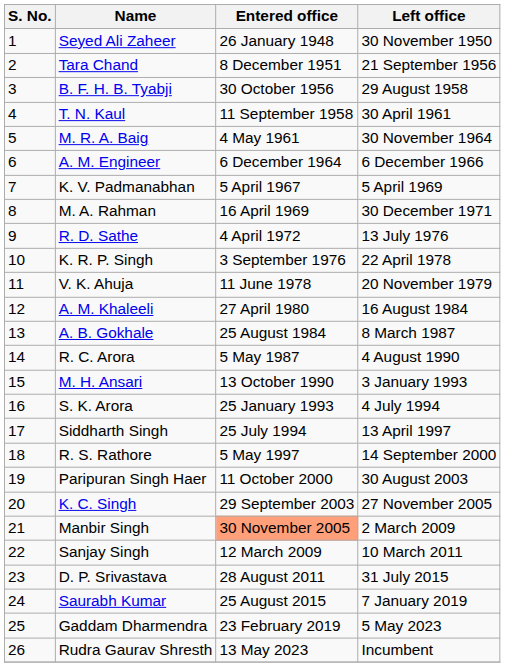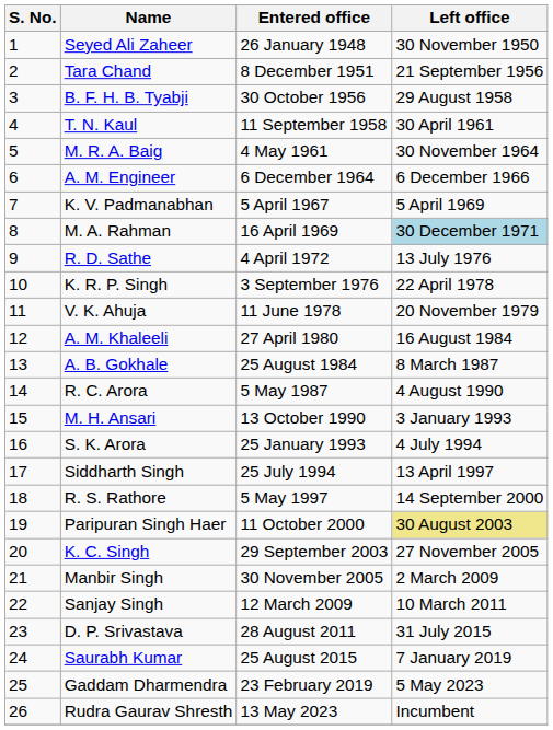 <table class="wikitable">
 <tr>
 <th>S. No.</th>
 <th>Name</th>
 <th>Entered office</th>
 <th>Left office</th>
 </tr>
 <tr>
 <td>1</td>
 <td><a href='#'>Seyed Ali Zaheer</a></td>
 <td>26 January 1948</td>
 <td>30 November 1950</td>
 </tr>
 <tr>
 <td>2</td>
 <td><a href='#'>Tara Chand</a></td>
 <td>8 December 1951</td>
 <td>21 September 1956</td>
 </tr>
 <tr>
 <td>3</td>
 <td><a href='#'>B. F. H. B. Tyabji</a></td>
 <td>30 October 1956</td>
 <td>29 August 1958</td>
 </tr>
 <tr>
 <td>4</td>
 <td><a href='#'>T. N. Kaul</a></td>
 <td>11 September 1958</td>
 <td>30 April 1961</td>
 </tr>
 <tr>
 <td>5</td>
 <td><a href='#'>M. R. A. Baig</a></td>
 <td>4 May 1961</td>
 <td>30 November 1964</td>
 </tr>
 <tr>
 <td>6</td>
 <td><a href='#'>A. M. Engineer</a></td>
 <td>6 December 1964</td>
 <td>6 December 1966</td>
 </tr>
 <tr>
 <td>7</td>
 <td>K. V. Padmanabhan</td>
 <td>5 April 1967</td>
 <td>5 April 1969</td>
 </tr>
 <tr>
 <td>8</td>
 <td>M. A. Rahman</td>
 <td>16 April 1969</td>
-<td>30 December 1971</td>
+<td style="background: lightblue;">30 December 1971</td>
 </tr>
 <tr>
 <td>9</td>
 <td><a href='#'>R. D. Sathe</a></td>
 <td>4 April 1972</td>
 <td>13 July 1976</td>
 </tr>
 <tr>
 <td>10</td>
 <td>K. R. P. Singh</td>
 <td>3 September 1976</td>
 <td>22 April 1978</td>
 </tr>
 <tr>
 <td>11</td>
 <td>V. K. Ahuja</td>
 <td>11 June 1978</td>
 <td>20 November 1979</td>
 </tr>
 <tr>
 <td>12</td>
 <td><a href='#'>A. M. Khaleeli</a></td>
 <td>27 April 1980</td>
 <td>16 August 1984</td>
 </tr>
 <tr>
 <td>13</td>
 <td><a href='#'>A. B. Gokhale</a></td>
 <td>25 August 1984</td>
 <td>8 March 1987</td>
 </tr>
 <tr>
 <td>14</td>
 <td>R. C. Arora</td>
 <td>5 May 1987</td>
 <td>4 August 1990</td>
 </tr>
 <tr>
 <td>15</td>
 <td><a href='#'>M. H. Ansari</a></td>
 <td>13 October 1990</td>
 <td>3 January 1993</td>
 </tr>
 <tr>
 <td>16</td>
 <td>S. K. Arora</td>
 <td>25 January 1993</td>
 <td>4 July 1994</td>
 </tr>
 <tr>
 <td>17</td>
 <td>Siddharth Singh</td>
 <td>25 July 1994</td>
 <td>13 April 1997</td>
 </tr>
 <tr>
 <td>18</td>
 <td>R. S. Rathore</td>
 <td>5 May 1997</td>
 <td>14 September 2000</td>
 </tr>
 <tr>
 <td>19</td>
 <td>Paripuran Singh Haer</td>
 <td>11 October 2000</td>
-<td>30 August 2003</td>
+<td style="background: khaki;">30 August 2003</td>
 </tr>
 <tr>
 <td>20</td>
 <td><a href='#'>K. C. Singh</a></td>
 <td>29 September 2003</td>
 <td>27 November 2005</td>
 </tr>
 <tr>
 <td>21</td>
 <td>Manbir Singh</td>
-<td style="background: lightsalmon;">30 November 2005</td>
+<td>30 November 2005</td>
 <td>2 March 2009</td>
 </tr>
 <tr>
 <td>22</td>
 <td>Sanjay Singh</td>
 <td>12 March 2009</td>
 <td>10 March 2011</td>
 </tr>
 <tr>
 <td>23</td>
 <td>D. P. Srivastava</td>
 <td>28 August 2011</td>
 <td>31 July 2015</td>
 </tr>
 <tr>
 <td>24</td>
 <td><a href='#'>Saurabh Kumar</a></td>
 <td>25 August 2015</td>
 <td>7 January 2019</td>
 </tr>
 <tr>
 <td>25</td>
 <td>Gaddam Dharmendra</td>
 <td>23 February 2019</td>
 <td>5 May 2023</td>
 </tr>
 <tr>
 <td>26</td>
 <td>Rudra Gaurav Shresth</td>
 <td>13 May 2023</td>
 <td>Incumbent</td>
 </tr>
 <tr>
 </tr>
 </table>
